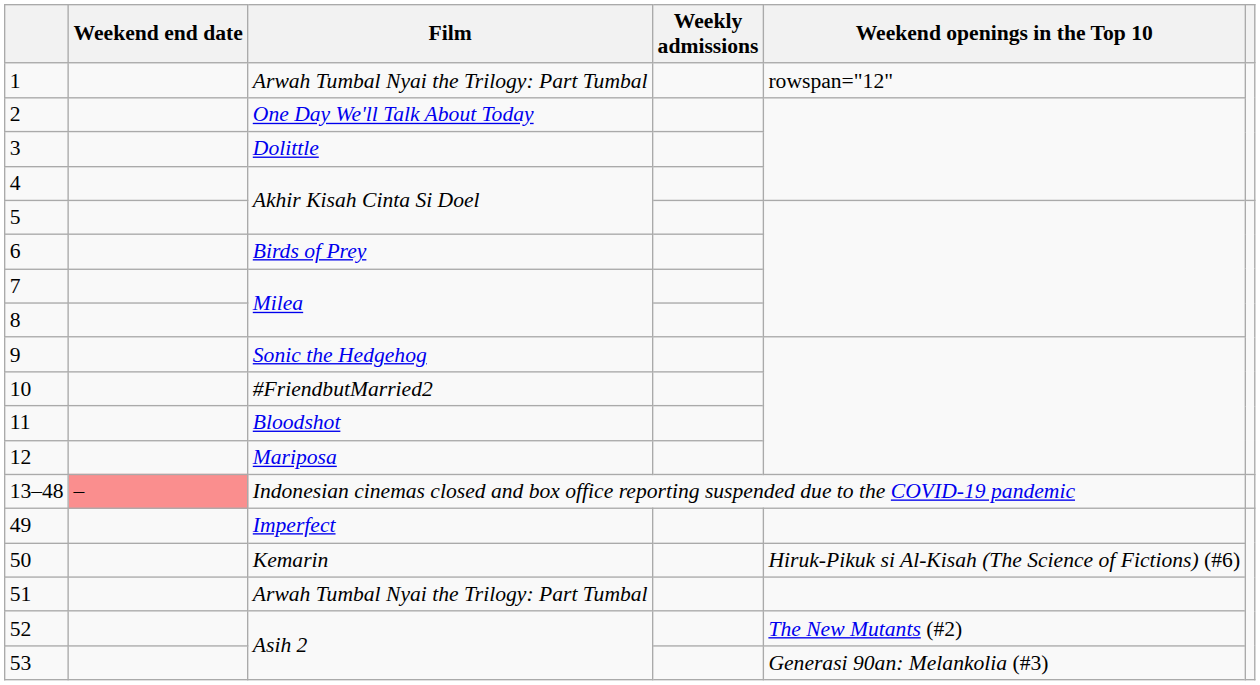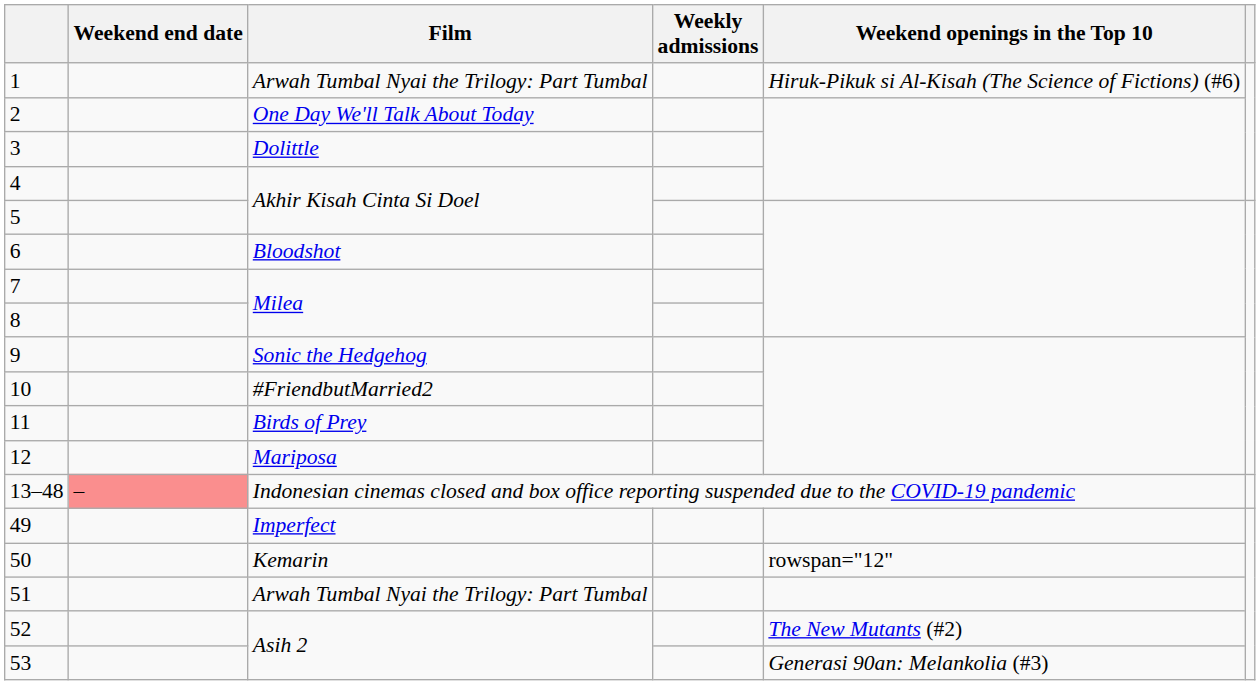 <table class="wikitable sortable">
 <tr>
 <th></th>
 <th>Weekend end date</th>
 <th>Film</th>
 <th>Weekly<br>admissions</th>
 <th>Weekend openings in the Top 10</th>
 <th class="unsortable"></th>
 </tr>
 <tr>
 <td>1</td>
 <td></td>
 <td><em>Arwah Tumbal Nyai the Trilogy: Part Tumbal</em></td>
 <td></td>
-<td>rowspan="12" </td>
+<td><em>Hiruk-Pikuk si Al-Kisah (The Science of Fictions)</em> (#6)</td>
 <td rowspan="4"></td>
 </tr>
 <tr>
 <td>2</td>
 <td></td>
 <td><em><a href='#'>One Day We'll Talk About Today</a></em></td>
 <td></td>
 </tr>
 <tr>
 <td>3</td>
 <td></td>
 <td><em><a href='#'>Dolittle</a></em></td>
 <td></td>
 </tr>
 <tr>
 <td>4</td>
 <td></td>
 <td rowspan="2"><em>Akhir Kisah Cinta Si Doel</em></td>
 <td></td>
 </tr>
 <tr>
 <td>5</td>
 <td></td>
 <td></td>
 <td rowspan="4"></td>
 </tr>
 <tr>
 <td>6</td>
 <td></td>
-<td><em><a href='#'>Birds of Prey</a></em></td>
+<td><em><a href='#'>Bloodshot</a></em></td>
 <td></td>
 </tr>
 <tr>
 <td>7</td>
 <td></td>
 <td rowspan="2"><em><a href='#'>Milea</a></em></td>
 <td></td>
 </tr>
 <tr>
 <td>8</td>
 <td></td>
 <td></td>
 </tr>
 <tr>
 <td>9</td>
 <td></td>
 <td><em><a href='#'>Sonic the Hedgehog</a></em></td>
 <td></td>
 <td rowspan="4"></td>
 </tr>
 <tr>
 <td>10</td>
 <td></td>
 <td><em>#FriendbutMarried2</em></td>
 <td></td>
 </tr>
 <tr>
 <td>11</td>
 <td></td>
-<td><em><a href='#'>Bloodshot</a></em></td>
+<td><em><a href='#'>Birds of Prey</a></em></td>
 <td></td>
 </tr>
 <tr>
 <td>12</td>
 <td></td>
 <td><em><a href='#'>Mariposa</a></em></td>
 <td></td>
 </tr>
 <tr>
 <td>13–48</td>
 <td style="background: #fa8e8e;"> – </td>
 <td colspan="3"><em>Indonesian cinemas closed and box office reporting suspended due to the <a href='#'>COVID-19 pandemic</a></em></td>
 <td></td>
 </tr>
 <tr>
 <td>49</td>
 <td></td>
 <td><em><a href='#'>Imperfect</a></em></td>
 <td></td>
 <td></td>
 <td rowspan="5"></td>
 </tr>
 <tr>
 <td>50</td>
 <td></td>
 <td><em>Kemarin</em></td>
 <td></td>
-<td><em>Hiruk-Pikuk si Al-Kisah (The Science of Fictions)</em> (#6)</td>
+<td>rowspan="12" </td>
 </tr>
 <tr>
 <td>51</td>
 <td></td>
 <td><em>Arwah Tumbal Nyai the Trilogy: Part Tumbal</em></td>
 <td></td>
 <td></td>
 </tr>
 <tr>
 <td>52</td>
 <td></td>
 <td rowspan="2"><em>Asih 2</em></td>
 <td></td>
 <td><em><a href='#'>The New Mutants</a></em> (#2)</td>
 </tr>
 <tr>
 <td>53</td>
 <td></td>
 <td></td>
 <td><em>Generasi 90an: Melankolia</em> (#3)</td>
 </tr>
 </table>
